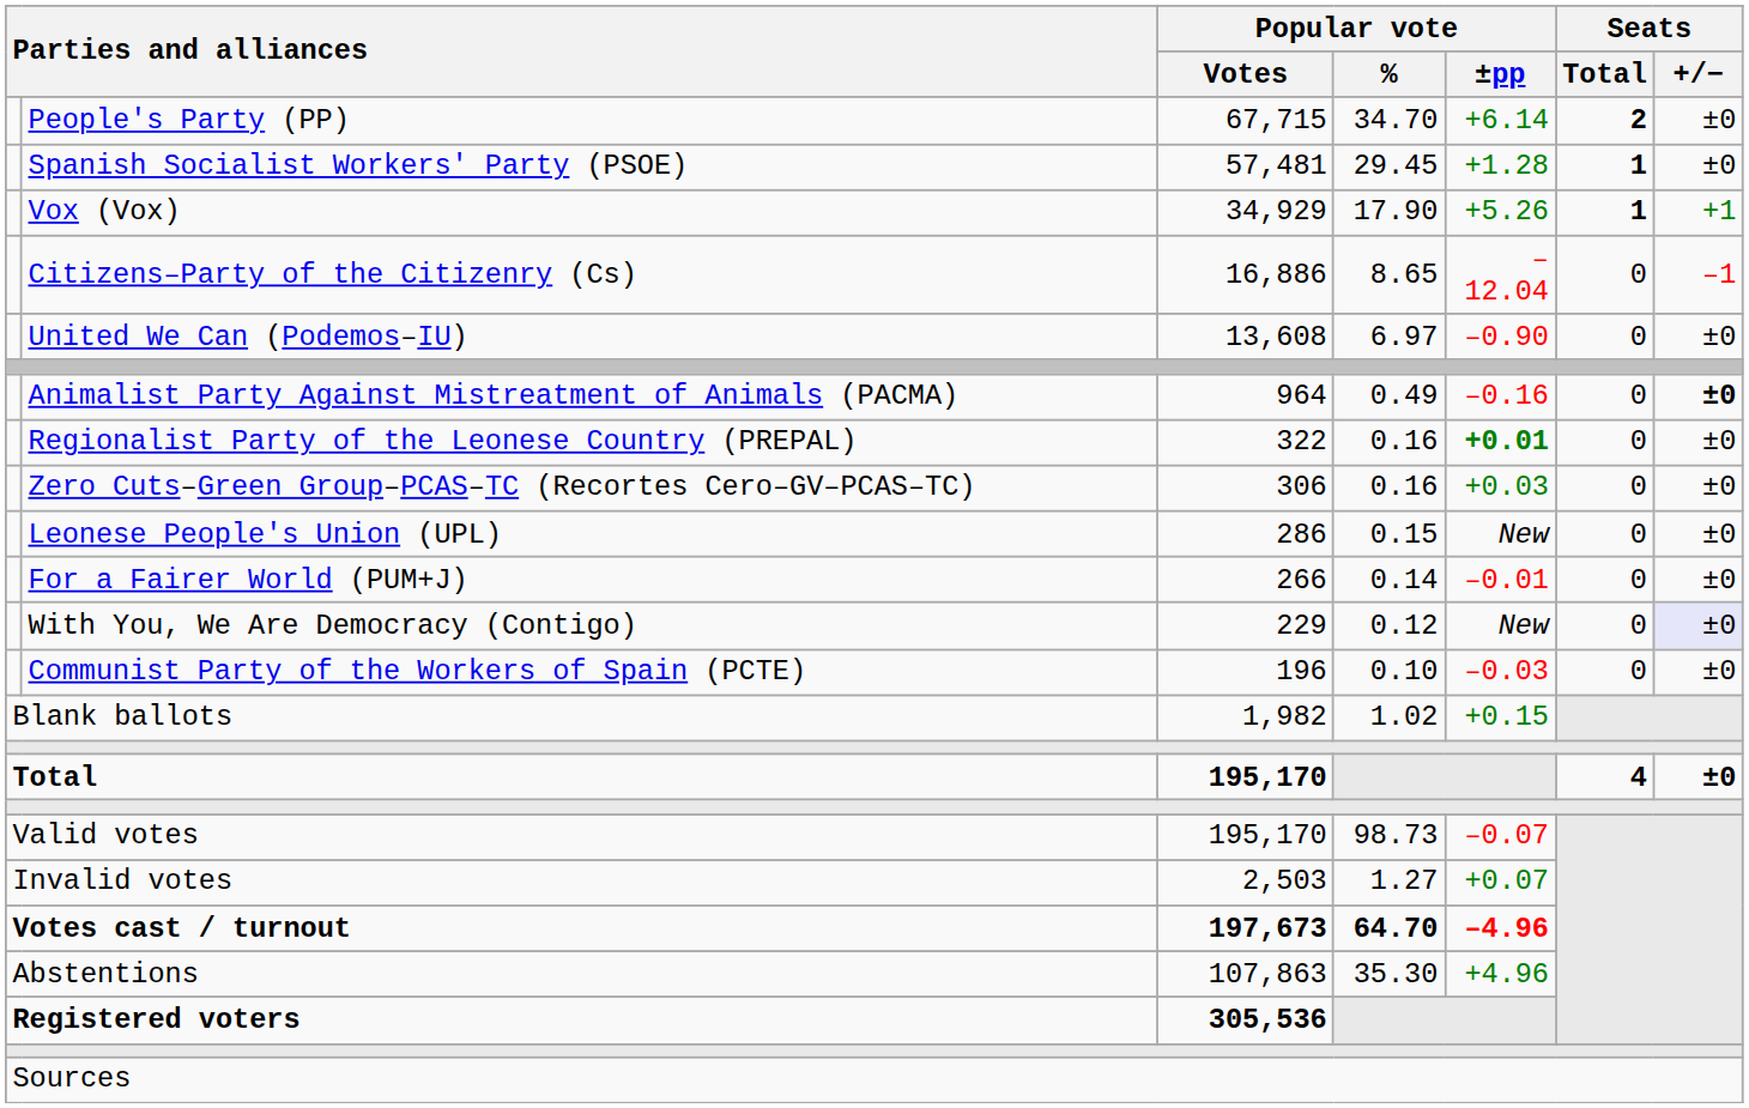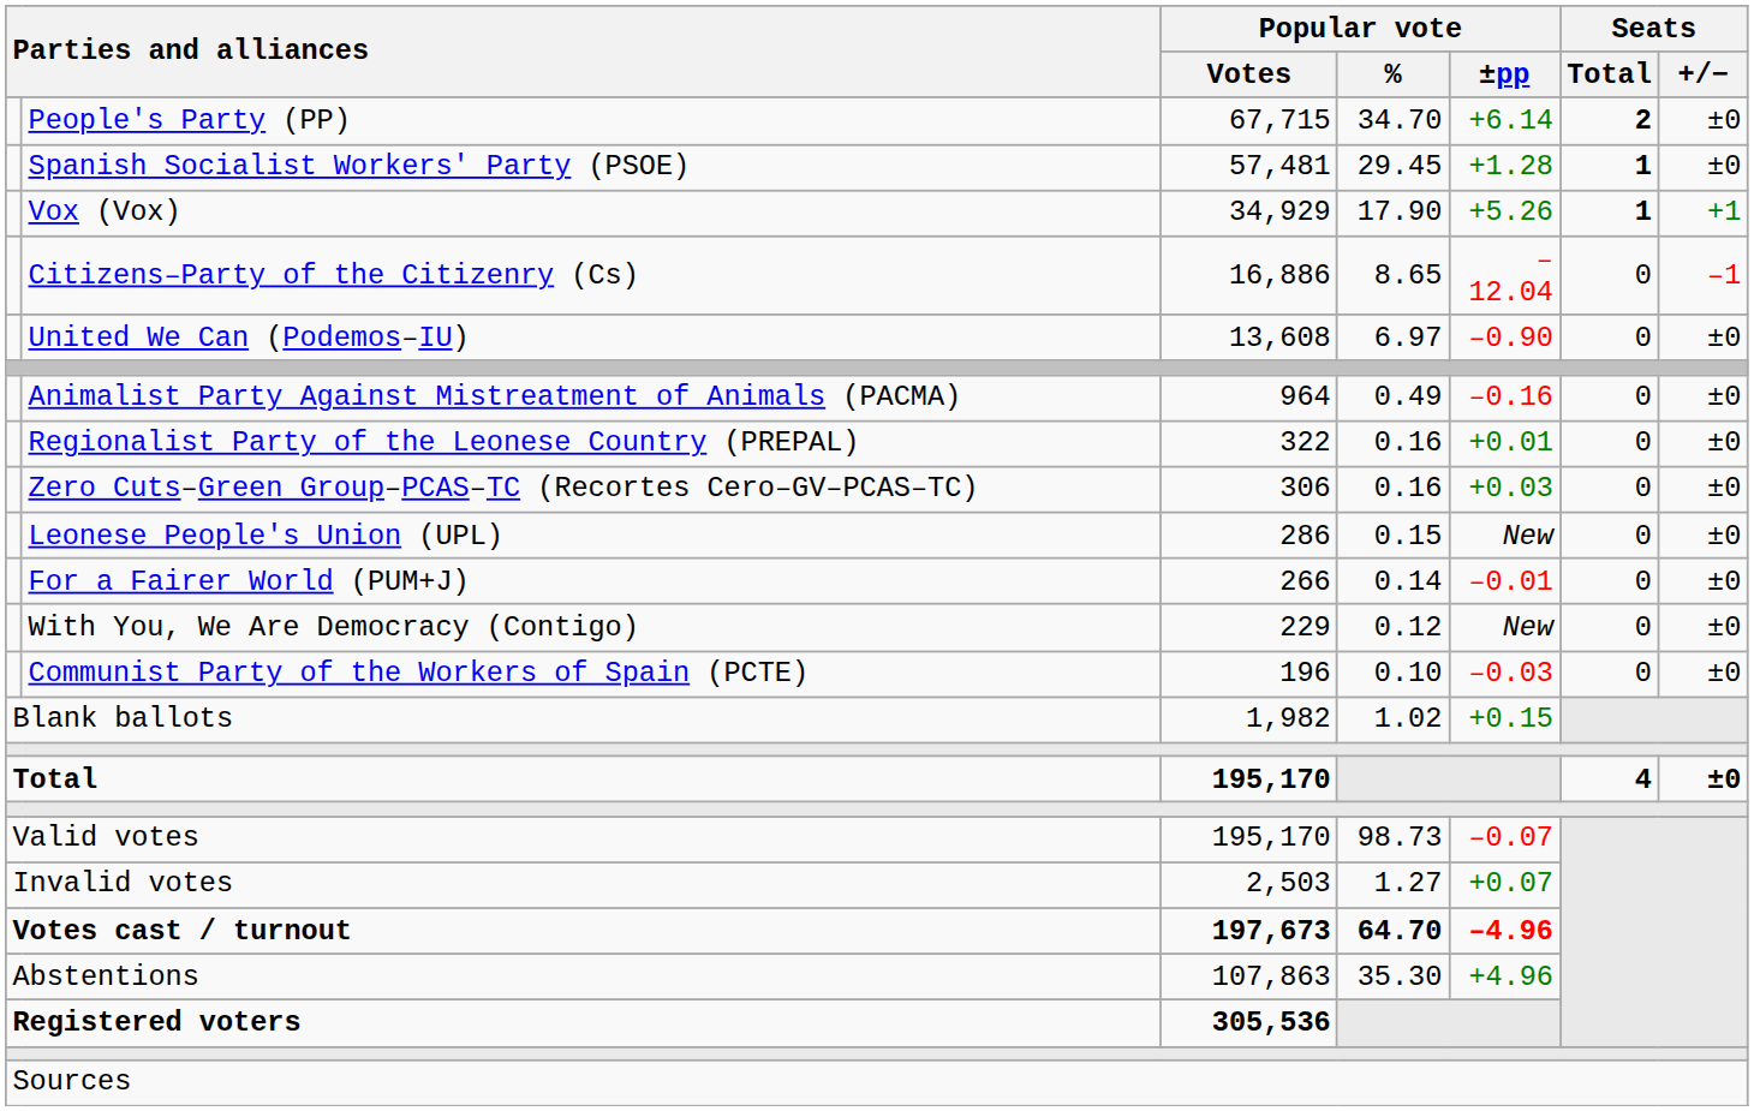 <table class="wikitable" style="text-align:right;">
 <tr>
 <th style="text-align:left;" rowspan="2" colspan="2" width="525">Parties and alliances</th>
 <th colspan="3">Popular vote</th>
 <th colspan="2">Seats</th>
 </tr>
 <tr>
 <th width="75">Votes</th>
 <th width="45">%</th>
 <th width="45">±<a href='#'>pp</a></th>
 <th width="35">Total</th>
 <th width="35">+/−</th>
 </tr>
 <tr>
 <td width="1" style="color:inherit;background:"></td>
 <td align="left"><a href='#'>People's Party</a> (PP)</td>
 <td>67,715</td>
 <td>34.70</td>
 <td style="color:green;">+6.14</td>
 <td><strong>2</strong></td>
 <td>±0</td>
 </tr>
 <tr>
 <td style="color:inherit;background:"></td>
 <td align="left"><a href='#'>Spanish Socialist Workers' Party</a> (PSOE)</td>
 <td>57,481</td>
 <td>29.45</td>
 <td style="color:green;">+1.28</td>
 <td><strong>1</strong></td>
 <td>±0</td>
 </tr>
 <tr>
 <td style="color:inherit;background:"></td>
 <td align="left"><a href='#'>Vox</a> (Vox)</td>
 <td>34,929</td>
 <td>17.90</td>
 <td style="color:green;">+5.26</td>
 <td><strong>1</strong></td>
 <td style="color:green;">+1</td>
 </tr>
 <tr>
 <td style="color:inherit;background:"></td>
 <td align="left"><a href='#'>Citizens–Party of the Citizenry</a> (Cs)</td>
 <td>16,886</td>
 <td>8.65</td>
 <td style="color:red;">–12.04</td>
 <td>0</td>
 <td style="color:red;">–1</td>
 </tr>
 <tr>
 <td style="color:inherit;background:"></td>
 <td align="left"><a href='#'>United We Can</a> (<a href='#'>Podemos</a>–<a href='#'>IU</a>)</td>
 <td>13,608</td>
 <td>6.97</td>
 <td style="color:red;">–0.90</td>
 <td>0</td>
 <td>±0</td>
 </tr>
 <tr>
 <td colspan="7" bgcolor="#C0C0C0"></td>
 </tr>
 <tr>
 <td style="color:inherit;background:"></td>
 <td align="left"><a href='#'>Animalist Party Against Mistreatment of Animals</a> (PACMA)</td>
 <td>964</td>
 <td>0.49</td>
 <td style="color:red;">–0.16</td>
 <td>0</td>
-<td><strong>±0</strong></td>
+<td>±0</td>
 </tr>
 <tr>
 <td style="color:inherit;background:"></td>
 <td align="left"><a href='#'>Regionalist Party of the Leonese Country</a> (PREPAL)</td>
 <td>322</td>
 <td>0.16</td>
-<td style="color:green;"><strong>+0.01</strong></td>
+<td style="color:green;">+0.01</td>
 <td>0</td>
 <td>±0</td>
 </tr>
 <tr>
 <td style="color:inherit;background:"></td>
 <td align="left"><a href='#'>Zero Cuts</a>–<a href='#'>Green Group</a>–<a href='#'>PCAS</a>–<a href='#'>TC</a> (Recortes Cero–GV–PCAS–TC)</td>
 <td>306</td>
 <td>0.16</td>
 <td style="color:green;">+0.03</td>
 <td>0</td>
 <td>±0</td>
 </tr>
 <tr>
 <td style="color:inherit;background:"></td>
 <td align="left"><a href='#'>Leonese People's Union</a> (UPL)</td>
 <td>286</td>
 <td>0.15</td>
 <td><em>New</em></td>
 <td>0</td>
 <td>±0</td>
 </tr>
 <tr>
 <td style="color:inherit;background:"></td>
 <td align="left"><a href='#'>For a Fairer World</a> (PUM+J)</td>
 <td>266</td>
 <td>0.14</td>
 <td style="color:red;">–0.01</td>
 <td>0</td>
 <td>±0</td>
 </tr>
 <tr>
 <td style="color:inherit;background:"></td>
 <td align="left">With You, We Are Democracy (Contigo)</td>
 <td>229</td>
 <td>0.12</td>
 <td><em>New</em></td>
 <td>0</td>
-<td style="background: lavender;">±0</td>
+<td>±0</td>
 </tr>
 <tr>
 <td style="color:inherit;background:"></td>
 <td align="left"><a href='#'>Communist Party of the Workers of Spain</a> (PCTE)</td>
 <td>196</td>
 <td>0.10</td>
 <td style="color:red;">–0.03</td>
 <td>0</td>
 <td>±0</td>
 </tr>
 <tr>
 <td align="left" colspan="2">Blank ballots</td>
 <td>1,982</td>
 <td>1.02</td>
 <td style="color:green;">+0.15</td>
 <td bgcolor="#E9E9E9" colspan="2"></td>
 </tr>
 <tr>
 <td colspan="7" bgcolor="#E9E9E9"></td>
 </tr>
 <tr style="font-weight:bold;">
 <td align="left" colspan="2">Total</td>
 <td>195,170</td>
 <td bgcolor="#E9E9E9" colspan="2"></td>
 <td>4</td>
 <td>±0</td>
 </tr>
 <tr>
 <td colspan="7" bgcolor="#E9E9E9"></td>
 </tr>
 <tr>
 <td align="left" colspan="2">Valid votes</td>
 <td>195,170</td>
 <td>98.73</td>
 <td style="color:red;">–0.07</td>
 <td bgcolor="#E9E9E9" colspan="2" rowspan="5"></td>
 </tr>
 <tr>
 <td align="left" colspan="2">Invalid votes</td>
 <td>2,503</td>
 <td>1.27</td>
 <td style="color:green;">+0.07</td>
 </tr>
 <tr style="font-weight:bold;">
 <td align="left" colspan="2">Votes cast / turnout</td>
 <td>197,673</td>
 <td>64.70</td>
 <td style="color:red;">–4.96</td>
 </tr>
 <tr>
 <td align="left" colspan="2">Abstentions</td>
 <td>107,863</td>
 <td>35.30</td>
 <td style="color:green;">+4.96</td>
 </tr>
 <tr style="font-weight:bold;">
 <td align="left" colspan="2">Registered voters</td>
 <td>305,536</td>
 <td bgcolor="#E9E9E9" colspan="2"></td>
 </tr>
 <tr>
 <td colspan="7" bgcolor="#E9E9E9"></td>
 </tr>
 <tr>
 <td align="left" colspan="7">Sources</td>
 </tr>
 </table>
